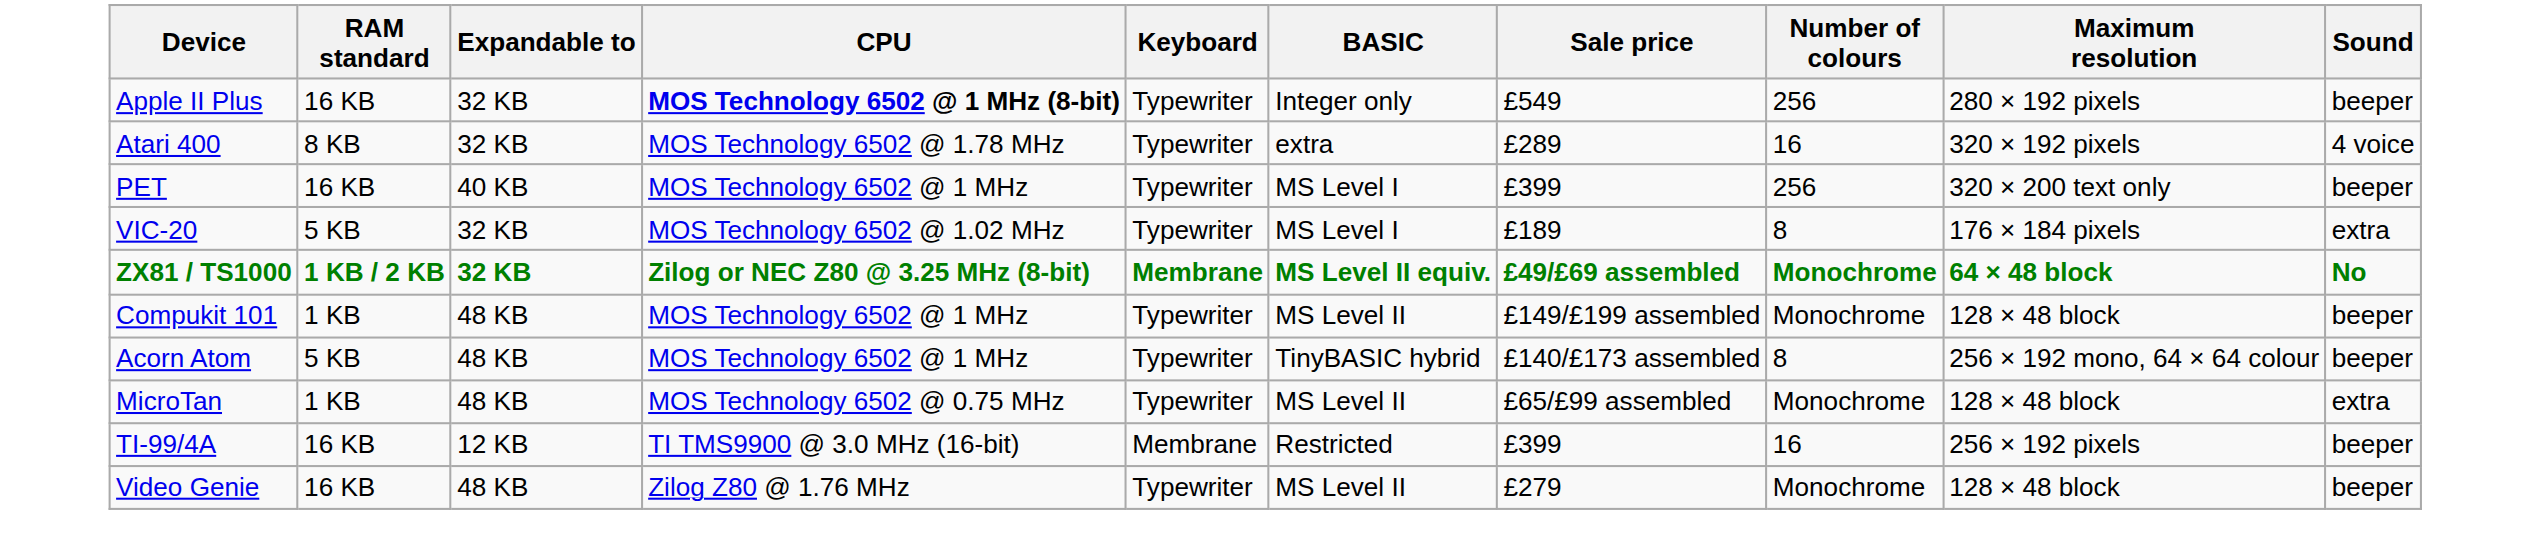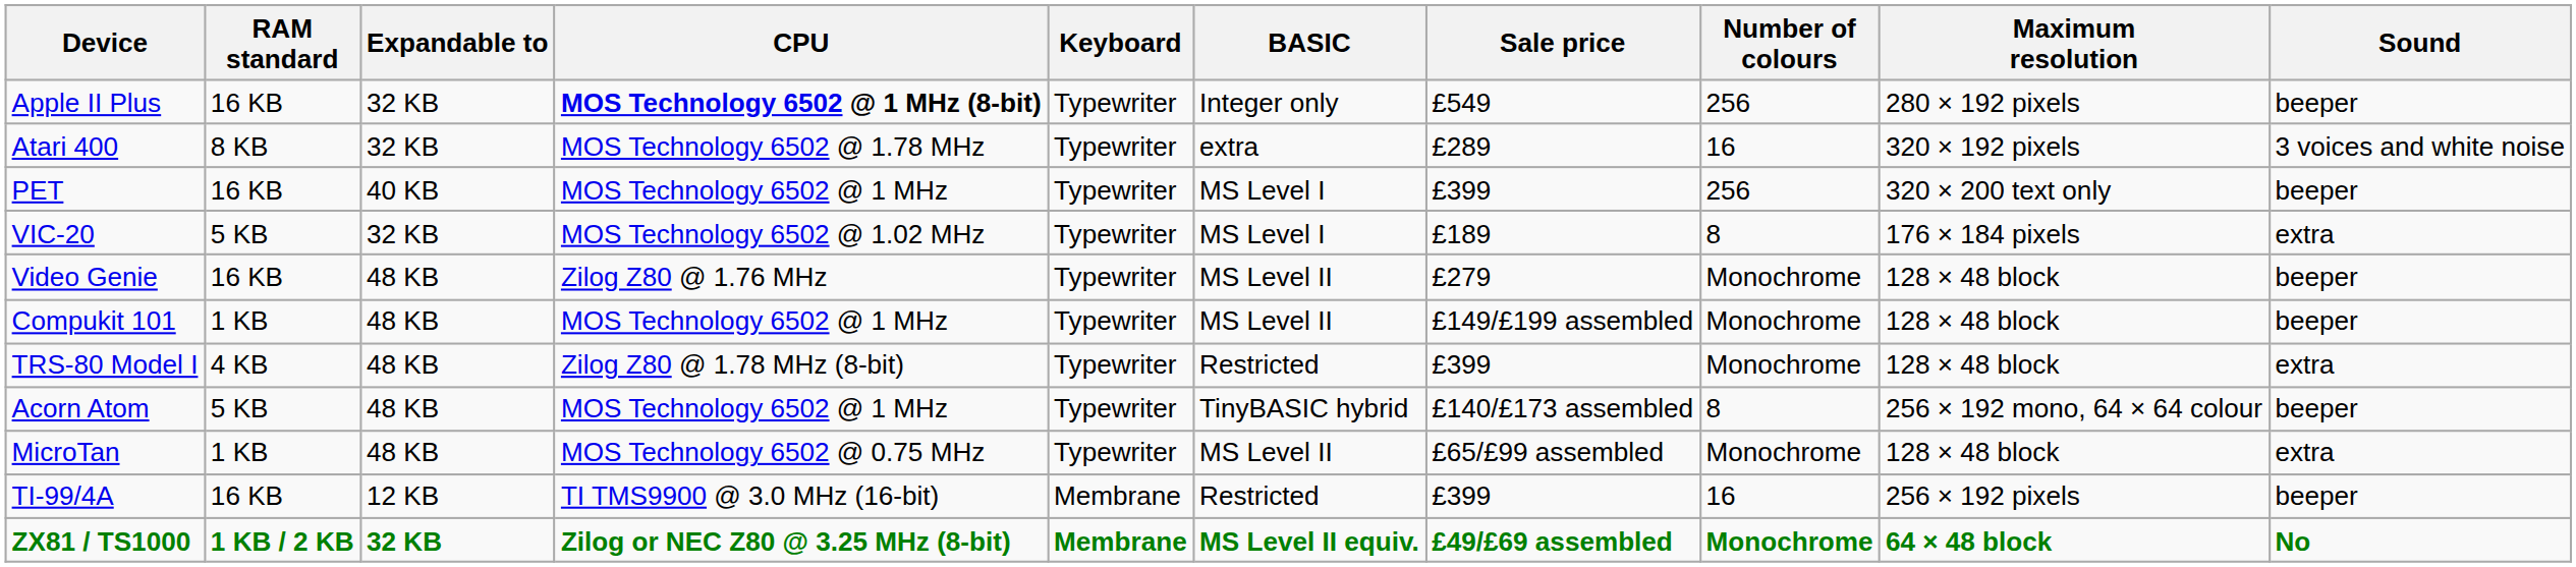 <table class="wikitable sortable sort-under" style="font-size:80%; margin:1em auto 1em auto;">
 <tr>
 <th scope="col">Device</th>
 <th scope="col">RAM<br>stan­dard</th>
 <th scope="col">Expand­able to</th>
 <th scope="col">CPU</th>
 <th scope="col">Keyboard</th>
 <th scope="col">BASIC</th>
 <th scope="col">Sale price</th>
 <th scope="col">Number of<br>colours</th>
 <th scope="col">Maximum<br>resolution</th>
 <th scope="col">Sound</th>
 </tr>
 <tr>
 <td><a href='#'>Apple II Plus</a></td>
 <td>16 KB</td>
 <td>32 KB</td>
 <td><strong><a href='#'>MOS Technology 6502</a> @ 1 MHz (8-bit)</strong></td>
 <td>Typewriter</td>
 <td>Integer only</td>
 <td>£549</td>
 <td>256</td>
 <td>280 × 192 pixels</td>
 <td>beeper</td>
 </tr>
 <tr>
 <td><a href='#'>Atari 400</a></td>
 <td>8 KB</td>
 <td>32 KB</td>
 <td><a href='#'>MOS Technology 6502</a> @ 1.78 MHz</td>
 <td>Typewriter</td>
 <td>extra</td>
 <td>£289</td>
 <td>16</td>
 <td>320 × 192 pixels</td>
-<td>4 voice</td>
+<td>3 voices and white noise</td>
 </tr>
 <tr>
 <td><a href='#'>PET</a></td>
 <td>16 KB</td>
 <td>40 KB</td>
 <td><a href='#'>MOS Technology 6502</a> @ 1 MHz</td>
 <td>Typewriter</td>
 <td>MS Level I</td>
 <td>£399</td>
 <td>256</td>
 <td>320 × 200 text only</td>
 <td>beeper</td>
 </tr>
 <tr>
 <td><a href='#'>VIC-20</a></td>
 <td>5 KB</td>
 <td>32 KB</td>
 <td><a href='#'>MOS Technology 6502</a> @ 1.02 MHz</td>
 <td>Typewriter</td>
 <td>MS Level I</td>
 <td>£189</td>
 <td>8</td>
 <td>176 × 184 pixels</td>
 <td>extra</td>
 </tr>
-<tr style="color:green; font-weight:bold;">
-<td>ZX81 / TS1000</td>
-<td>1 KB / 2 KB</td>
-<td>32 KB</td>
-<td>Zilog or NEC Z80 @ 3.25 MHz (8-bit)</td>
-<td>Membrane</td>
-<td>MS Level II equiv.</td>
-<td>£49/£69 assembled</td>
+<tr>
+<td><a href='#'>Video Genie</a></td>
+<td>16 KB</td>
+<td>48 KB</td>
+<td><a href='#'>Zilog Z80</a> @ 1.76 MHz</td>
+<td>Typewriter</td>
+<td>MS Level II</td>
+<td>£279</td>
 <td>Monochrome</td>
-<td>64 × 48 block</td>
-<td>No</td>
+<td>128 × 48 block</td>
+<td>beeper</td>
 </tr>
 <tr>
 <td><a href='#'>Compukit 101</a></td>
 <td>1 KB</td>
 <td>48 KB</td>
 <td><a href='#'>MOS Technology 6502</a> @ 1 MHz</td>
 <td>Typewriter</td>
 <td>MS Level II</td>
 <td>£149/£199 assembled</td>
 <td>Monochrome</td>
 <td>128 × 48 block</td>
 <td>beeper</td>
+</tr>
+<tr>
+<td><a href='#'>TRS-80 Model I</a></td>
+<td>4 KB</td>
+<td>48 KB</td>
+<td><a href='#'>Zilog Z80</a> @ 1.78 MHz (8-bit)</td>
+<td>Typewriter</td>
+<td>Restricted</td>
+<td>£399</td>
+<td>Monochrome</td>
+<td>128 × 48 block</td>
+<td>extra</td>
 </tr>
 <tr>
 <td><a href='#'>Acorn Atom</a></td>
 <td>5 KB</td>
 <td>48 KB</td>
 <td><a href='#'>MOS Technology 6502</a> @ 1 MHz</td>
 <td>Typewriter</td>
 <td>TinyBASIC hybrid</td>
 <td>£140/£173 assembled</td>
 <td>8</td>
 <td>256 × 192 mono, 64 × 64 colour</td>
 <td>beeper</td>
 </tr>
 <tr>
 <td><a href='#'>MicroTan</a></td>
 <td>1 KB</td>
 <td>48 KB</td>
 <td><a href='#'>MOS Technology 6502</a> @ 0.75 MHz</td>
 <td>Typewriter</td>
 <td>MS Level II</td>
 <td>£65/£99 assembled</td>
 <td>Monochrome</td>
 <td>128 × 48 block</td>
 <td>extra</td>
 </tr>
 <tr>
 <td><a href='#'>TI-99/4A</a></td>
 <td>16 KB</td>
 <td>12 KB</td>
 <td><a href='#'>TI TMS9900</a> @ 3.0 MHz (16-bit)</td>
 <td>Membrane</td>
 <td>Restricted</td>
 <td>£399</td>
 <td>16</td>
 <td>256 × 192 pixels</td>
 <td>beeper</td>
 </tr>
-<tr>
-<td><a href='#'>Video Genie</a></td>
-<td>16 KB</td>
-<td>48 KB</td>
-<td><a href='#'>Zilog Z80</a> @ 1.76 MHz</td>
-<td>Typewriter</td>
-<td>MS Level II</td>
-<td>£279</td>
+<tr style="color:green; font-weight:bold;">
+<td>ZX81 / TS1000</td>
+<td>1 KB / 2 KB</td>
+<td>32 KB</td>
+<td>Zilog or NEC Z80 @ 3.25 MHz (8-bit)</td>
+<td>Membrane</td>
+<td>MS Level II equiv.</td>
+<td>£49/£69 assembled</td>
 <td>Monochrome</td>
-<td>128 × 48 block</td>
-<td>beeper</td>
+<td>64 × 48 block</td>
+<td>No</td>
 </tr>
 </table>
